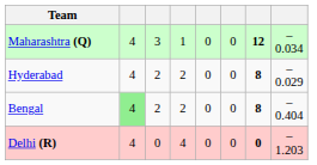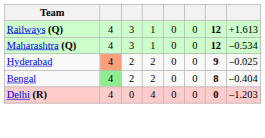 <table class="wikitable" style="text-align:center">
 <tr>
 <th style="width:140px;">Team</th>
 <th style="width:25px;"></th>
 <th style="width:25px;"></th>
 <th style="width:25px;"></th>
 <th style="width:25px;"></th>
 <th style="width:25px;"></th>
 <th style="width:25px;"></th>
 <th style="width:40px;"></th>
 </tr>
 <tr style="background:#cfc;">
+<td style="text-align:left"><a href='#'>Railways</a> <strong>(Q)</strong></td>
+<td>4</td>
+<td>3</td>
+<td>1</td>
+<td>0</td>
+<td>0</td>
+<td><strong>12</strong></td>
+<td>+1.613</td>
+</tr>
+<tr style="background:#cfc;">
 <td style="text-align:left"><a href='#'>Maharashtra</a> <strong>(Q)</strong></td>
 <td>4</td>
 <td>3</td>
 <td>1</td>
 <td>0</td>
 <td>0</td>
 <td><strong>12</strong></td>
-<td>–0.034</td>
+<td>–0.534</td>
 </tr>
 <tr>
 <td style="text-align:left"><a href='#'>Hyderabad</a></td>
-<td>4</td>
+<td style="background: lightsalmon;">4</td>
 <td>2</td>
 <td>2</td>
 <td>0</td>
 <td>0</td>
-<td><strong>8</strong></td>
-<td>–0.029</td>
+<td><strong>9</strong></td>
+<td>–0.025</td>
 </tr>
 <tr>
 <td style="text-align:left"><a href='#'>Bengal</a></td>
 <td style="background: lightgreen;">4</td>
 <td>2</td>
 <td>2</td>
 <td>0</td>
 <td>0</td>
 <td><strong>8</strong></td>
 <td>–0.404</td>
 </tr>
 <tr style="background:#FFCCCC">
 <td style="text-align:left"><a href='#'>Delhi</a> <strong>(R)</strong></td>
 <td>4</td>
 <td>0</td>
 <td>4</td>
 <td>0</td>
 <td>0</td>
 <td><strong>0</strong></td>
 <td>–1.203</td>
 </tr>
 </table>
